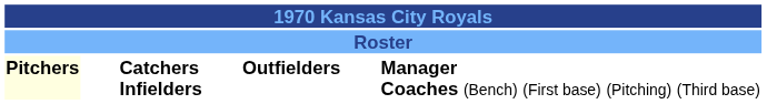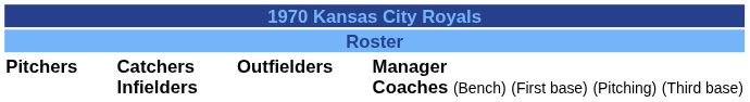 <table class="toccolours" style="font-size: 95%;">
 <tr>
 <th colspan="10" style="background-color: #27408B; color: #74B4FA; text-align: center;">1970 Kansas City Royals</th>
 </tr>
 <tr>
 <td colspan="10" style="background-color: #74B4FA; color: #27408B; text-align: center;"><strong>Roster</strong></td>
 </tr>
 <tr>
-<td valign="top" style="background: lightyellow;"><strong>Pitchers</strong><br>                </td>
+<td valign="top"><strong>Pitchers</strong><br>                </td>
 <td width="25px"></td>
 <td valign="top"><strong>Catchers</strong><br>     <strong>Infielders</strong>           </td>
 <td width="25px"></td>
 <td valign="top"><strong>Outfielders</strong><br>    </td>
 <td width="25px"></td>
 <td valign="top"><strong>Manager</strong><br>  <strong>Coaches</strong>  <small>(Bench)</small>  <small>(First base)</small>  <small>(Pitching)</small>  <small>(Third base)</small> </td>
 </tr>
 <tr>
 </tr>
 </table>
